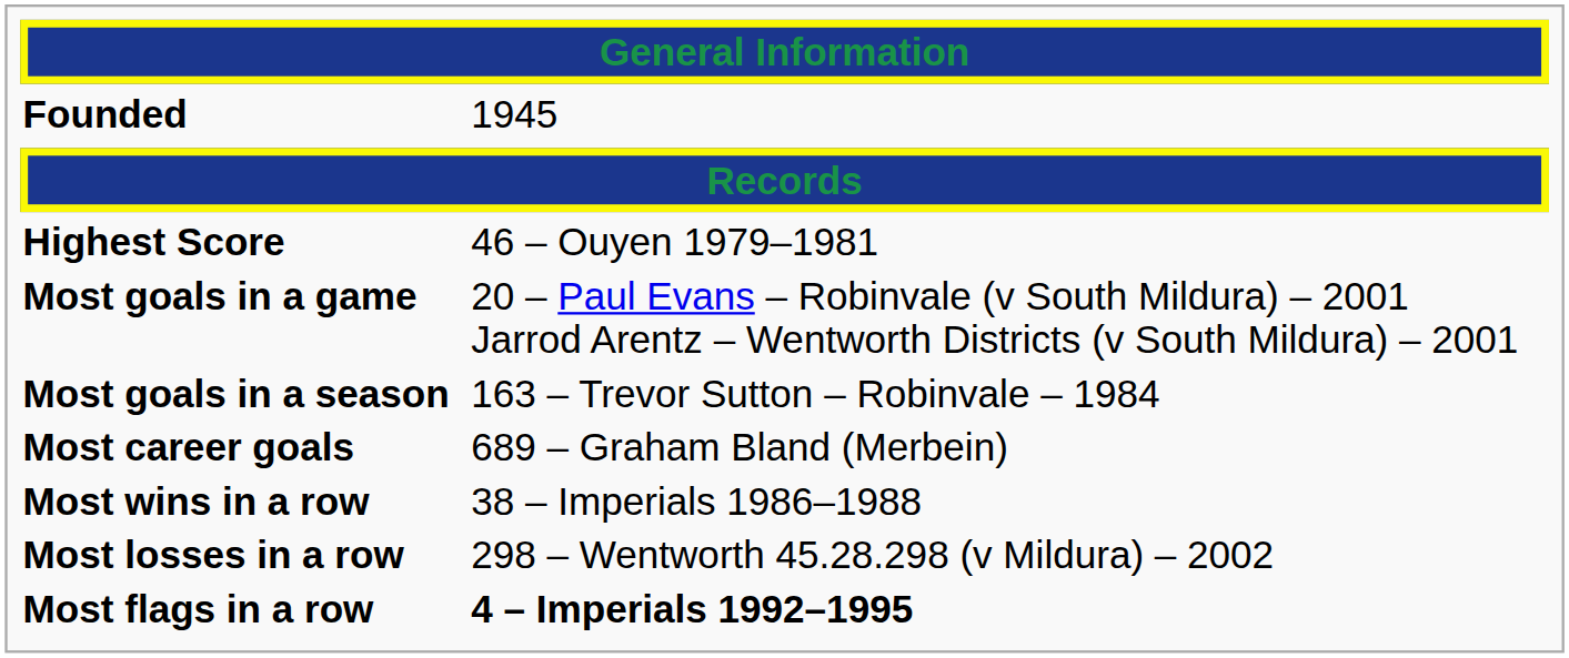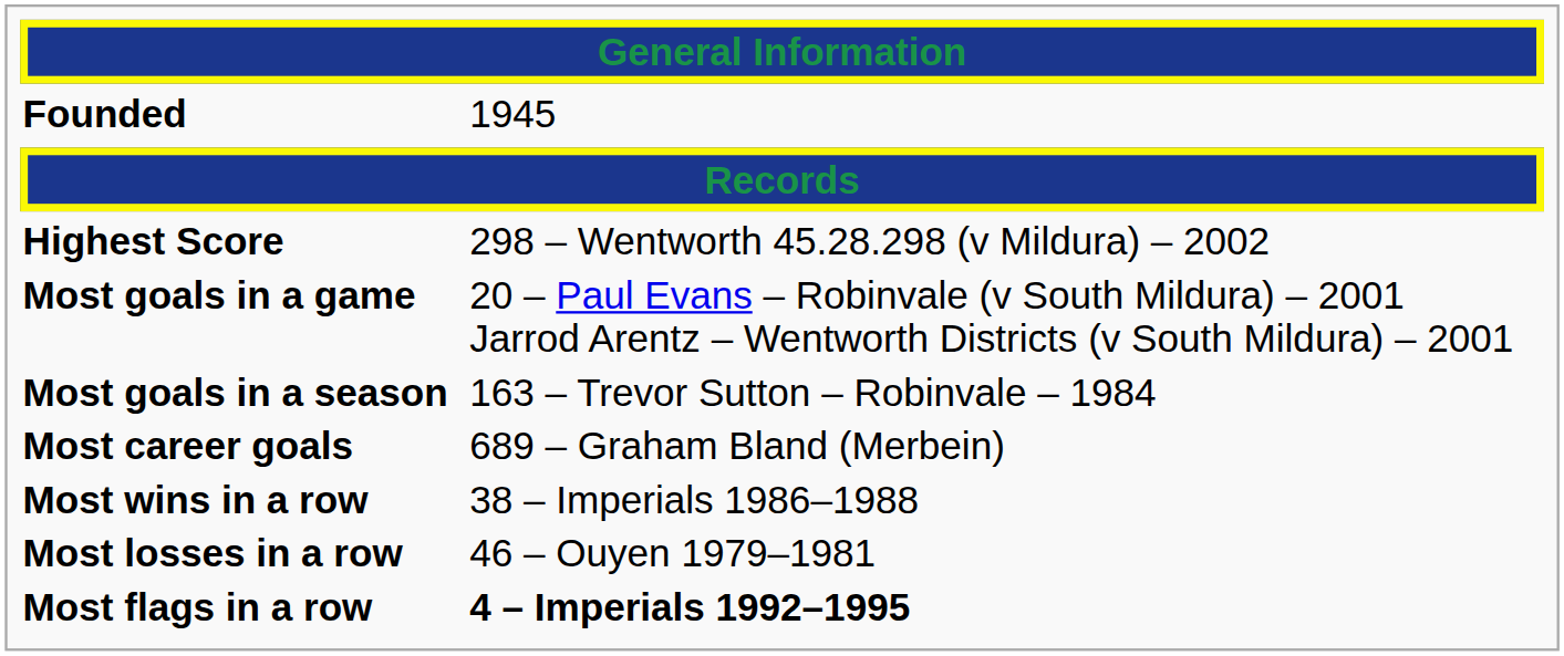 <table class="infobox" style="width: 40em; font-size: 95%;">
 <tr>
 <th colspan="2" style="background:#1b368d; color:#199348; border: solid #faf805 3px"><strong>General Information</strong></th>
 </tr>
 <tr style="vertical-align: top;">
 <td><strong>Founded</strong></td>
 <td>1945</td>
 </tr>
 <tr style="vertical-align: top;">
 </tr>
 <tr>
 <th colspan="2" style="background:#1b368d; color:#199348; border: solid #faf805 3px"><strong>Records</strong></th>
 </tr>
 <tr style="vertical-align: top;">
 <td><strong>Highest Score</strong></td>
-<td>46 – Ouyen 1979–1981</td>
+<td>298 – Wentworth 45.28.298 (v Mildura) – 2002</td>
 </tr>
 <tr>
 <td><strong>Most goals in a game</strong></td>
 <td>20 – <a href='#'>Paul Evans</a> – Robinvale (v South Mildura) – 2001 <br>  Jarrod Arentz – Wentworth Districts (v South Mildura) – 2001</td>
 </tr>
 <tr>
 <td><strong>Most goals in a season</strong></td>
 <td>163 – Trevor Sutton – Robinvale – 1984</td>
 </tr>
 <tr>
 <td><strong>Most career goals</strong></td>
 <td>689 – Graham Bland (Merbein)</td>
 </tr>
 <tr>
 <td><strong>Most wins in a row</strong></td>
 <td>38 – Imperials 1986–1988</td>
 </tr>
 <tr>
 <td><strong>Most losses in a row</strong></td>
-<td>298 – Wentworth 45.28.298 (v Mildura) – 2002</td>
+<td>46 – Ouyen 1979–1981</td>
 </tr>
 <tr>
 <td><strong>Most flags in a row</strong></td>
 <td><strong>4 – Imperials 1992–1995</strong></td>
 </tr>
 <tr style="vertical-align: top;"jnh>
 </tr>
 </table>
